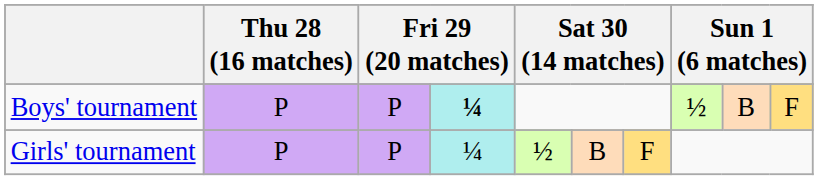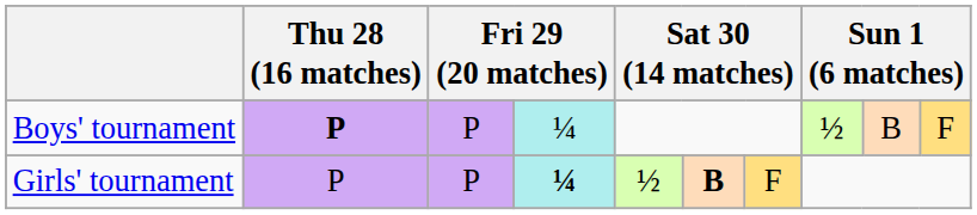 <table class="wikitable" style="margin:0.5em auto; font-size:90%; line-height:1.25em;">
 <tr style="text-align:center;">
 <th></th>
 <th>Thu 28<br>(16 matches)</th>
 <th colspan=2>Fri 29<br>(20 matches)</th>
 <th colspan=3>Sat 30<br>(14 matches)</th>
 <th colspan=3>Sun 1<br>(6 matches)</th>
 </tr>
 <tr style="text-align:center;">
 <td style="text-align:left;"><a href='#'>Boys' tournament</a></td>
+<td style="background-color:#D0A9F5;"><strong>P</strong></td>
 <td style="background-color:#D0A9F5;">P</td>
-<td style="background-color:#D0A9F5;">P</td>
-<td style="background-color:#AFEEEE;"><strong>¼</strong></td>
+<td style="background-color:#AFEEEE;">¼</td>
 <td colspan=3></td>
 <td style="background-color:#D9FFB2;">½</td>
 <td style="background-color:#FEDCBA;">B</td>
 <td style="background-color:#FFDF80;">F</td>
 </tr>
 <tr style="text-align:center;">
 <td style="text-align:left;"><a href='#'>Girls' tournament</a></td>
 <td style="background-color:#D0A9F5;">P</td>
 <td style="background-color:#D0A9F5;">P</td>
-<td style="background-color:#AFEEEE;">¼</td>
+<td style="background-color:#AFEEEE;"><strong>¼</strong></td>
 <td style="background-color:#D9FFB2;">½</td>
-<td style="background-color:#FEDCBA;">B</td>
+<td style="background-color:#FEDCBA;"><strong>B</strong></td>
 <td style="background-color:#FFDF80;">F</td>
 </tr>
 </table>
